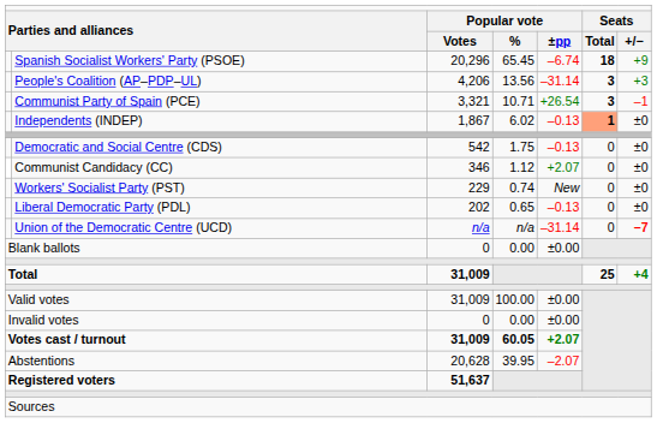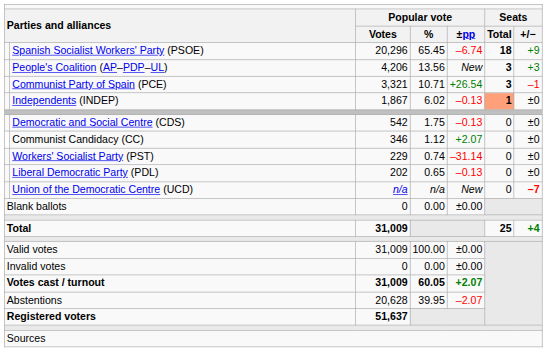 <table class="wikitable" style="text-align:right;">
 <tr>
 <td colspan="7"></td>
 </tr>
 <tr>
 <th style="text-align:left;" rowspan="2" colspan="2" width="525">Parties and alliances</th>
 <th colspan="3">Popular vote</th>
 <th colspan="2">Seats</th>
 </tr>
 <tr>
 <th width="75">Votes</th>
 <th width="45">%</th>
 <th width="45">±<a href='#'>pp</a></th>
 <th width="35">Total</th>
 <th width="35">+/−</th>
 </tr>
 <tr>
 <td width="1" style="color:inherit;background:"></td>
 <td align="left"><a href='#'>Spanish Socialist Workers' Party</a> (PSOE)</td>
 <td>20,296</td>
 <td>65.45</td>
 <td style="color:red;">–6.74</td>
 <td><strong>18</strong></td>
 <td style="color:green;">+9</td>
 </tr>
 <tr>
 <td style="color:inherit;background:"></td>
 <td align="left"><a href='#'>People's Coalition</a> (<a href='#'>AP</a>–<a href='#'>PDP</a>–<a href='#'>UL</a>)</td>
 <td>4,206</td>
 <td>13.56</td>
-<td style="color:red;">–31.14</td>
+<td><em>New</em></td>
 <td><strong>3</strong></td>
 <td style="color:green;">+3</td>
 </tr>
 <tr>
 <td style="color:inherit;background:"></td>
 <td align="left"><a href='#'>Communist Party of Spain</a> (PCE)</td>
 <td>3,321</td>
 <td>10.71</td>
 <td style="color:green;">+26.54</td>
 <td><strong>3</strong></td>
 <td style="color:red;">–1</td>
 </tr>
 <tr>
 <td style="color:inherit;background:"></td>
 <td align="left"><a href='#'>Independents</a> (INDEP)</td>
 <td>1,867</td>
 <td>6.02</td>
 <td style="color:red;">–0.13</td>
 <td style="background: lightsalmon;"><strong>1</strong></td>
 <td>±0</td>
 </tr>
 <tr>
 <td colspan="7" bgcolor="#C0C0C0"></td>
 </tr>
 <tr>
 <td style="color:inherit;background:"></td>
 <td align="left"><a href='#'>Democratic and Social Centre</a> (CDS)</td>
 <td>542</td>
 <td>1.75</td>
 <td style="color:red;">–0.13</td>
 <td>0</td>
 <td>±0</td>
 </tr>
 <tr>
 <td bgcolor="white"></td>
 <td align="left">Communist Candidacy (CC)</td>
 <td>346</td>
 <td>1.12</td>
 <td style="color:green;">+2.07</td>
 <td>0</td>
 <td>±0</td>
 </tr>
 <tr>
 <td style="color:inherit;background:"></td>
 <td align="left"><a href='#'>Workers' Socialist Party</a> (PST)</td>
 <td>229</td>
 <td>0.74</td>
-<td><em>New</em></td>
+<td style="color:red;">–31.14</td>
 <td>0</td>
 <td>±0</td>
 </tr>
 <tr>
 <td style="color:inherit;background:"></td>
 <td align="left"><a href='#'>Liberal Democratic Party</a> (PDL)</td>
 <td>202</td>
 <td>0.65</td>
 <td style="color:red;">–0.13</td>
 <td>0</td>
 <td>±0</td>
 </tr>
 <tr>
 <td style="color:inherit;background:"></td>
 <td align="left"><a href='#'>Union of the Democratic Centre</a> (UCD)</td>
 <td><em><a href='#'>n/a</a></em></td>
 <td><em>n/a</em></td>
-<td style="color:red;">–31.14</td>
+<td><em>New</em></td>
 <td>0</td>
 <td style="color:red;"><strong>–7</strong></td>
 </tr>
 <tr>
 <td align="left" colspan="2">Blank ballots</td>
 <td>0</td>
 <td>0.00</td>
 <td>±0.00</td>
 <td bgcolor="#E9E9E9" colspan="2"></td>
 </tr>
 <tr>
 <td colspan="7" bgcolor="#E9E9E9"></td>
 </tr>
 <tr style="font-weight:bold;">
 <td align="left" colspan="2">Total</td>
 <td>31,009</td>
 <td bgcolor="#E9E9E9" colspan="2"></td>
 <td>25</td>
 <td style="color:green;">+4</td>
 </tr>
 <tr>
 <td colspan="7" bgcolor="#E9E9E9"></td>
 </tr>
 <tr>
 <td align="left" colspan="2">Valid votes</td>
 <td>31,009</td>
 <td>100.00</td>
 <td>±0.00</td>
 <td bgcolor="#E9E9E9" colspan="2" rowspan="5"></td>
 </tr>
 <tr>
 <td align="left" colspan="2">Invalid votes</td>
 <td>0</td>
 <td>0.00</td>
 <td>±0.00</td>
 </tr>
 <tr style="font-weight:bold;">
 <td align="left" colspan="2">Votes cast / turnout</td>
 <td>31,009</td>
 <td>60.05</td>
 <td style="color:green;">+2.07</td>
 </tr>
 <tr>
 <td align="left" colspan="2">Abstentions</td>
 <td>20,628</td>
 <td>39.95</td>
 <td style="color:red;">–2.07</td>
 </tr>
 <tr style="font-weight:bold;">
 <td align="left" colspan="2">Registered voters</td>
 <td>51,637</td>
 <td bgcolor="#E9E9E9" colspan="2"></td>
 </tr>
 <tr>
 <td colspan="7" bgcolor="#E9E9E9"></td>
 </tr>
 <tr>
 <td align="left" colspan="7">Sources</td>
 </tr>
 </table>
